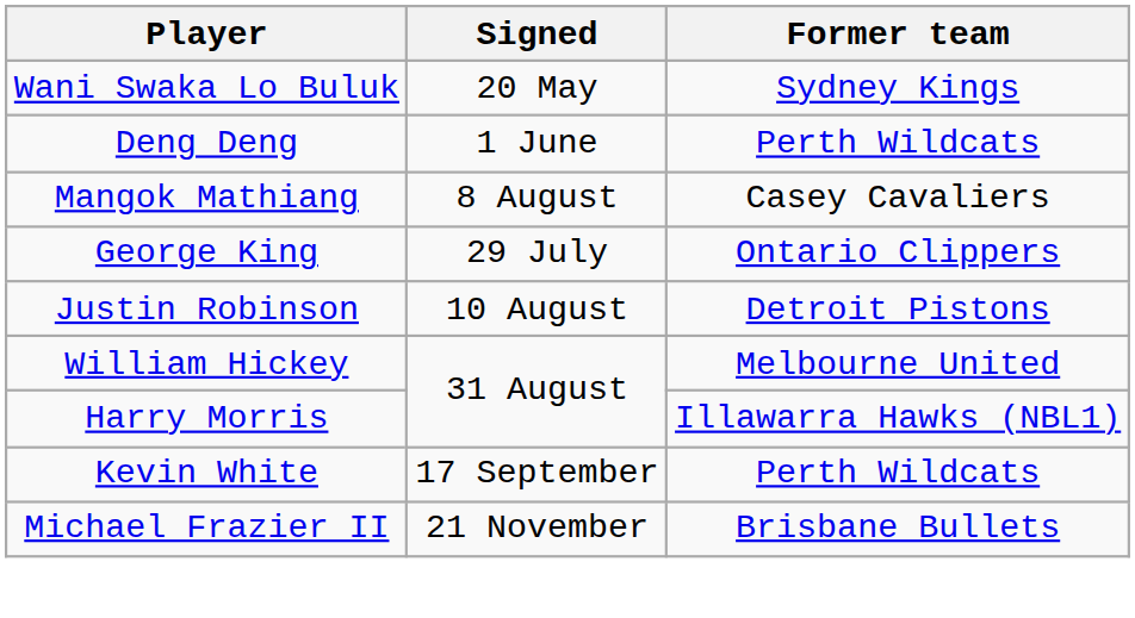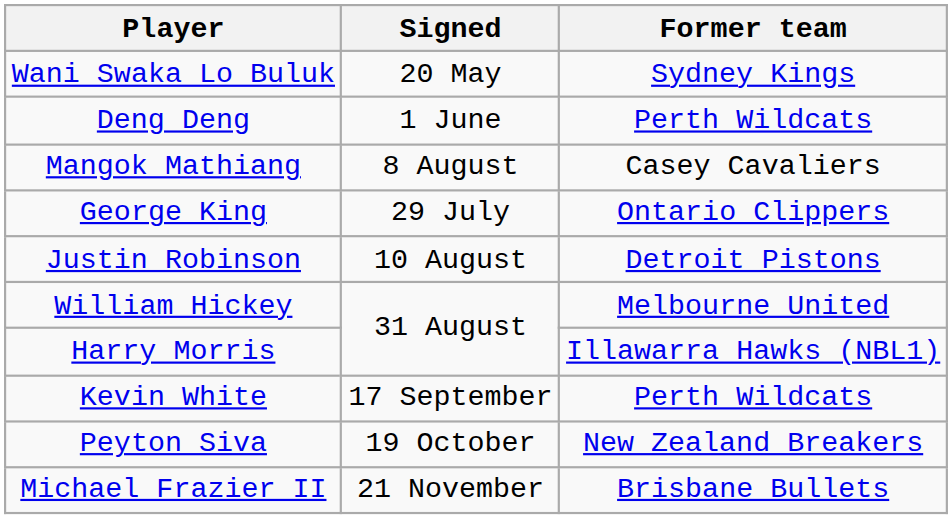 <table class="wikitable sortable sortable" style="text-align: center">
 <tr>
 <th>Player</th>
 <th>Signed</th>
 <th>Former team</th>
 </tr>
 <tr>
 <td><a href='#'>Wani Swaka Lo Buluk</a></td>
 <td>20 May</td>
 <td><a href='#'>Sydney Kings</a></td>
 </tr>
 <tr>
 <td><a href='#'>Deng Deng</a></td>
 <td>1 June</td>
 <td><a href='#'>Perth Wildcats</a></td>
 </tr>
 <tr>
 <td><a href='#'>Mangok Mathiang</a></td>
 <td>8 August</td>
 <td>Casey Cavaliers</td>
 </tr>
 <tr>
 <td><a href='#'>George King</a></td>
 <td>29 July</td>
 <td><a href='#'>Ontario Clippers</a></td>
 </tr>
 <tr>
 <td><a href='#'>Justin Robinson</a></td>
 <td>10 August</td>
 <td><a href='#'>Detroit Pistons</a></td>
 </tr>
 <tr>
 <td><a href='#'>William Hickey</a></td>
 <td rowspan="2">31 August</td>
 <td><a href='#'>Melbourne United</a></td>
 </tr>
 <tr>
 <td><a href='#'>Harry Morris</a></td>
 <td><a href='#'>Illawarra Hawks (NBL1)</a></td>
 </tr>
 <tr>
 <td><a href='#'>Kevin White</a></td>
 <td>17 September</td>
 <td><a href='#'>Perth Wildcats</a></td>
 </tr>
 <tr>
+<td><a href='#'>Peyton Siva</a></td>
+<td>19 October</td>
+<td><a href='#'>New Zealand Breakers</a></td>
+</tr>
+<tr>
 <td><a href='#'>Michael Frazier II</a></td>
 <td>21 November</td>
 <td><a href='#'>Brisbane Bullets</a></td>
 </tr>
 </table>
